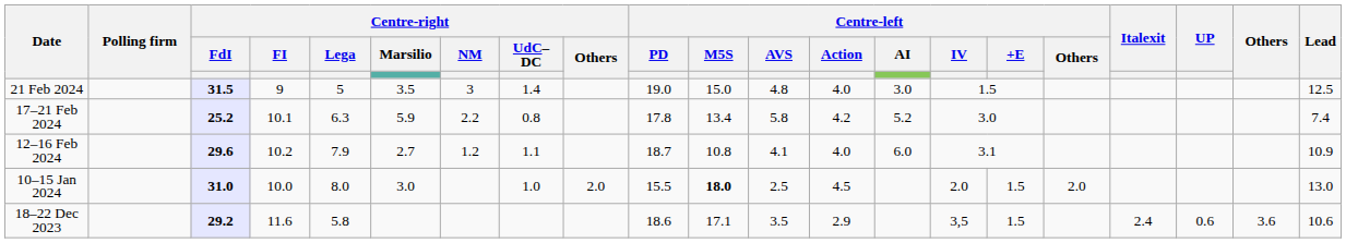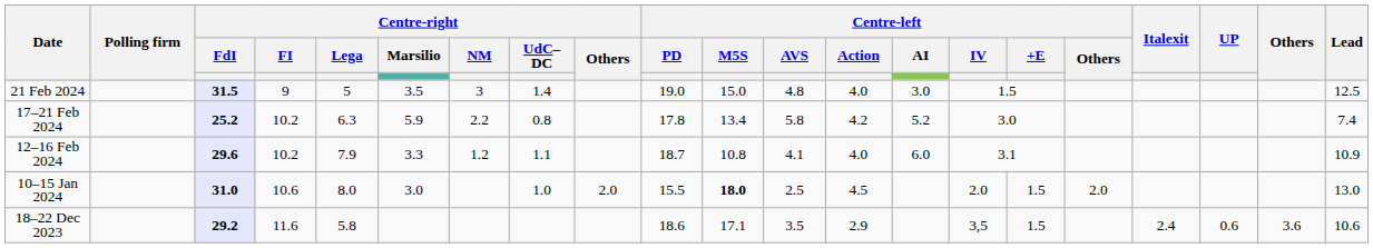 <table class="wikitable collapsible collapsed" style="text-align:center;font-size:85%;line-height:13px">
 <tr style="height:30px; background-color:#E9E9E9">
 <th style="width:100px;" rowspan="3">Date</th>
 <th style="width:120px;" rowspan="3">Polling firm</th>
 <th colspan=7><a href='#'>Centre-right</a></th>
 <th colspan=8><a href='#'>Centre-left</a></th>
 <th style="width:65px;" rowspan="2"><a href='#'>Italexit</a></th>
 <th style="width:65px;" rowspan="2"><a href='#'>UP</a></th>
 <th style="width:65px;" rowspan="3">Others</th>
 <th style="width:35px;" rowspan="3">Lead</th>
 </tr>
 <tr>
 <th style="width:65px;"><a href='#'>FdI</a></th>
 <th style="width:65px;"><a href='#'>FI</a></th>
 <th style="width:65px;"><a href='#'>Lega</a></th>
 <th style="width:65px;">Marsilio</th>
 <th style="width:65px;"><a href='#'>NM</a></th>
 <th style="width:65px;"><a href='#'>UdC</a>–DC</th>
 <th style="width:65px;" rowspan="2">Others</th>
 <th style="width:65px;"><a href='#'>PD</a></th>
 <th style="width:65px;"><a href='#'>M5S</a></th>
 <th style="width:65px;"><a href='#'>AVS</a></th>
 <th style="width:65px;"><a href='#'>Action</a></th>
 <th style="width:65px;">AI</th>
 <th style="width:65px;"><a href='#'>IV</a></th>
 <th style="width:65px;"><a href='#'>+E</a></th>
 <th style="width:65px;" rowspan="2">Others</th>
 </tr>
 <tr>
 <th style="background:"></th>
 <th style="background:"></th>
 <th style="background:"></th>
 <td bgcolor="#54afa6"></td>
 <th style="background:"></th>
 <th style="background-color:"></th>
 <th style="background:"></th>
 <th style="background:"></th>
 <th style="background:"></th>
 <th style="background:"></th>
 <td style="background-color:#87C758"></td>
 <th style="background:"></th>
 <th style="background:"></th>
 <th style="background:"></th>
 <th style="background:"></th>
 </tr>
 <tr>
 <td>21 Feb 2024</td>
 <td></td>
 <td style="background:#E5E7FF;"><strong>31.5</strong></td>
 <td>9</td>
 <td>5</td>
 <td>3.5</td>
 <td>3</td>
 <td>1.4</td>
 <td></td>
 <td>19.0</td>
 <td>15.0</td>
 <td>4.8</td>
 <td>4.0</td>
 <td>3.0</td>
 <td colspan=2>1.5</td>
 <td></td>
 <td></td>
 <td></td>
 <td></td>
 <td style="background:">12.5</td>
 </tr>
 <tr>
 <td>17–21 Feb 2024</td>
 <td></td>
 <td style="background:#E5E7FF;"><strong>25.2</strong></td>
-<td>10.1</td>
+<td>10.2</td>
 <td>6.3</td>
 <td>5.9</td>
 <td>2.2</td>
 <td>0.8</td>
 <td></td>
 <td>17.8</td>
 <td>13.4</td>
 <td>5.8</td>
 <td>4.2</td>
 <td>5.2</td>
 <td colspan=2>3.0</td>
 <td></td>
 <td></td>
 <td></td>
 <td></td>
 <td style="background:">7.4</td>
 </tr>
 <tr>
 <td>12–16 Feb 2024</td>
 <td></td>
 <td style="background:#E5E7FF;"><strong>29.6</strong></td>
 <td>10.2</td>
 <td>7.9</td>
-<td>2.7</td>
+<td>3.3</td>
 <td>1.2</td>
 <td>1.1</td>
 <td></td>
 <td>18.7</td>
 <td>10.8</td>
 <td>4.1</td>
 <td>4.0</td>
 <td>6.0</td>
 <td colspan=2>3.1</td>
 <td></td>
 <td></td>
 <td></td>
 <td></td>
 <td style="background:">10.9</td>
 </tr>
 <tr>
 <td>10–15 Jan 2024</td>
 <td></td>
 <td style="background:#E5E7FF;"><strong>31.0</strong></td>
-<td>10.0</td>
+<td>10.6</td>
 <td>8.0</td>
 <td>3.0</td>
 <td></td>
 <td>1.0</td>
 <td>2.0</td>
 <td>15.5</td>
 <td><strong>18.0</strong></td>
 <td>2.5</td>
 <td>4.5</td>
 <td></td>
 <td>2.0</td>
 <td>1.5</td>
 <td>2.0</td>
 <td></td>
 <td></td>
 <td></td>
 <td style="background:">13.0</td>
 </tr>
 <tr>
 <td>18–22 Dec 2023</td>
 <td></td>
 <td style="background:#E5E7FF;"><strong>29.2</strong></td>
 <td>11.6</td>
 <td>5.8</td>
 <td></td>
 <td></td>
 <td></td>
 <td></td>
 <td>18.6</td>
 <td>17.1</td>
 <td>3.5</td>
 <td>2.9</td>
 <td></td>
 <td>3,5</td>
 <td>1.5</td>
 <td></td>
 <td>2.4</td>
 <td>0.6</td>
 <td>3.6</td>
 <td style="background:">10.6</td>
 </tr>
 </table>
